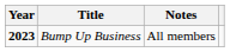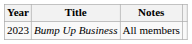 <table class="wikitable  plainrowheaders">
 <tr>
 <th scope="col">Year</th>
 <th scope="col">Title</th>
 <th scope="col">Notes</th>
 <th scope="col" class="unsortable"></th>
 </tr>
 <tr>
-<td><strong>2023</strong></td>
+<td>2023</td>
 <td><em>Bump Up Business</em></td>
 <td>All members</td>
 <td align=center></td>
 </tr>
 </table>
